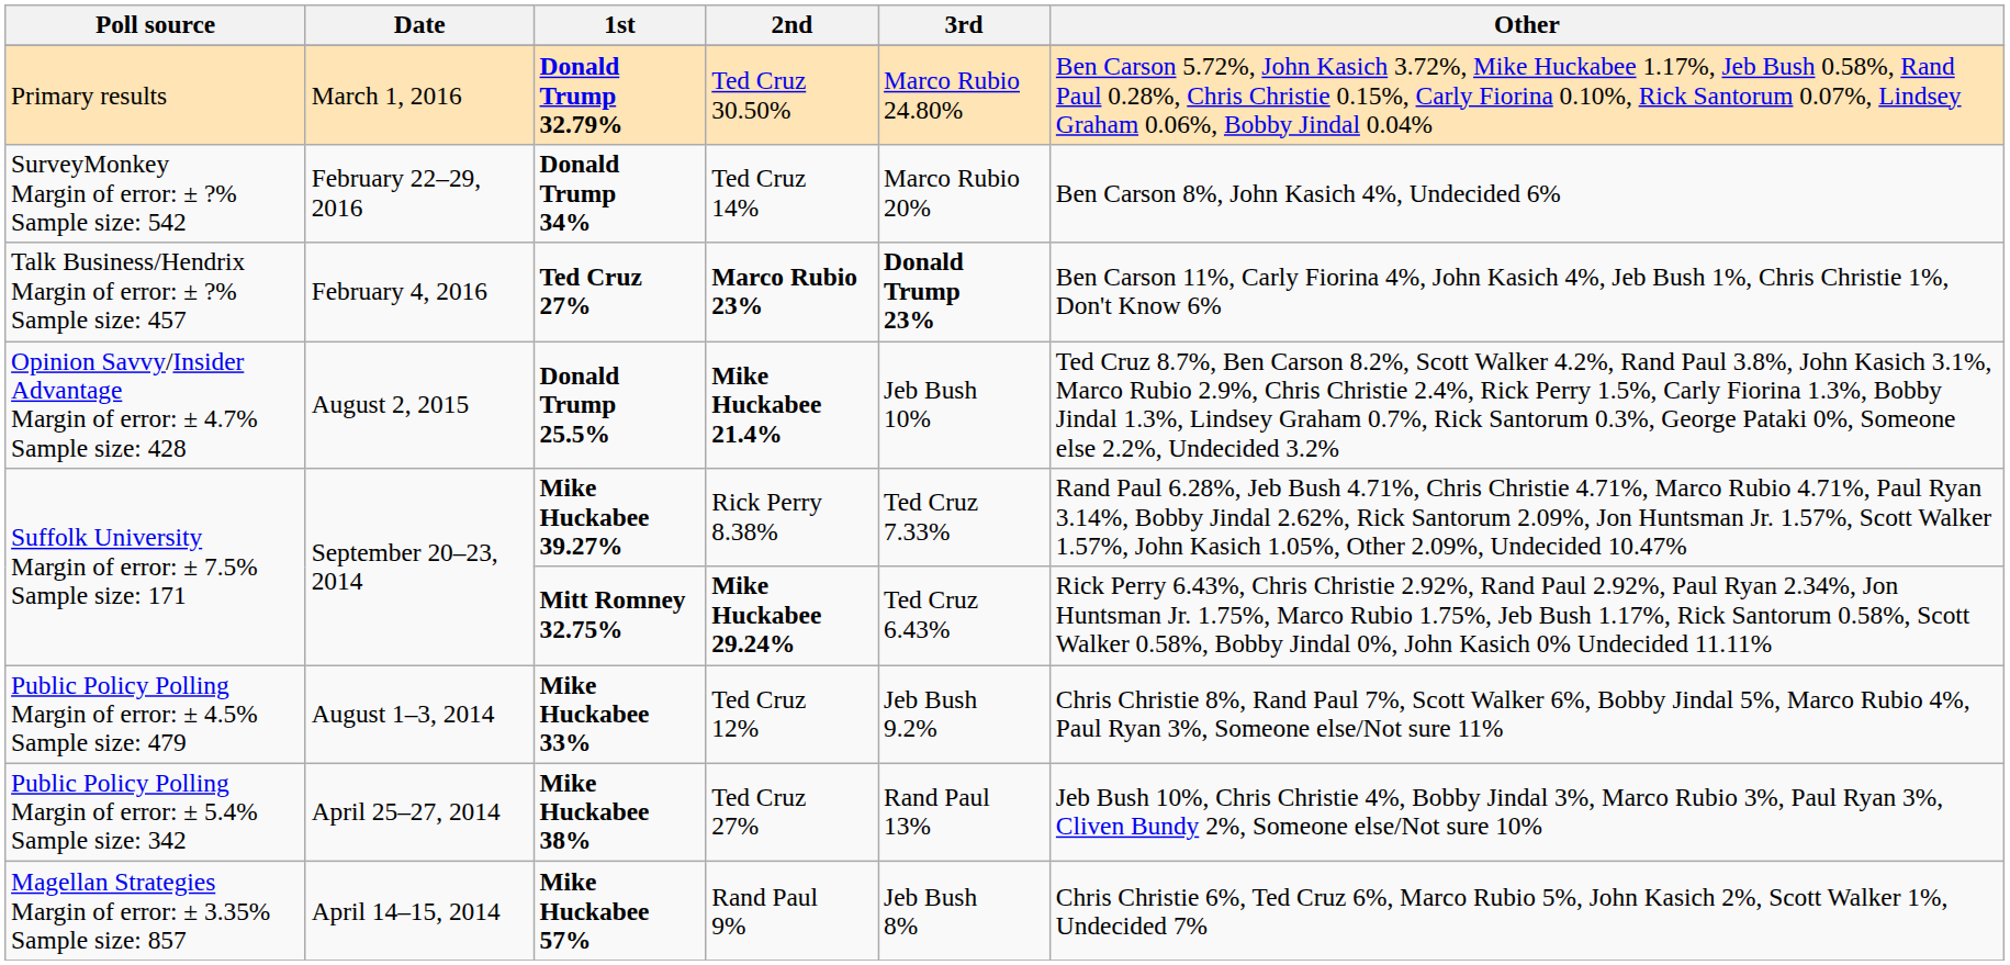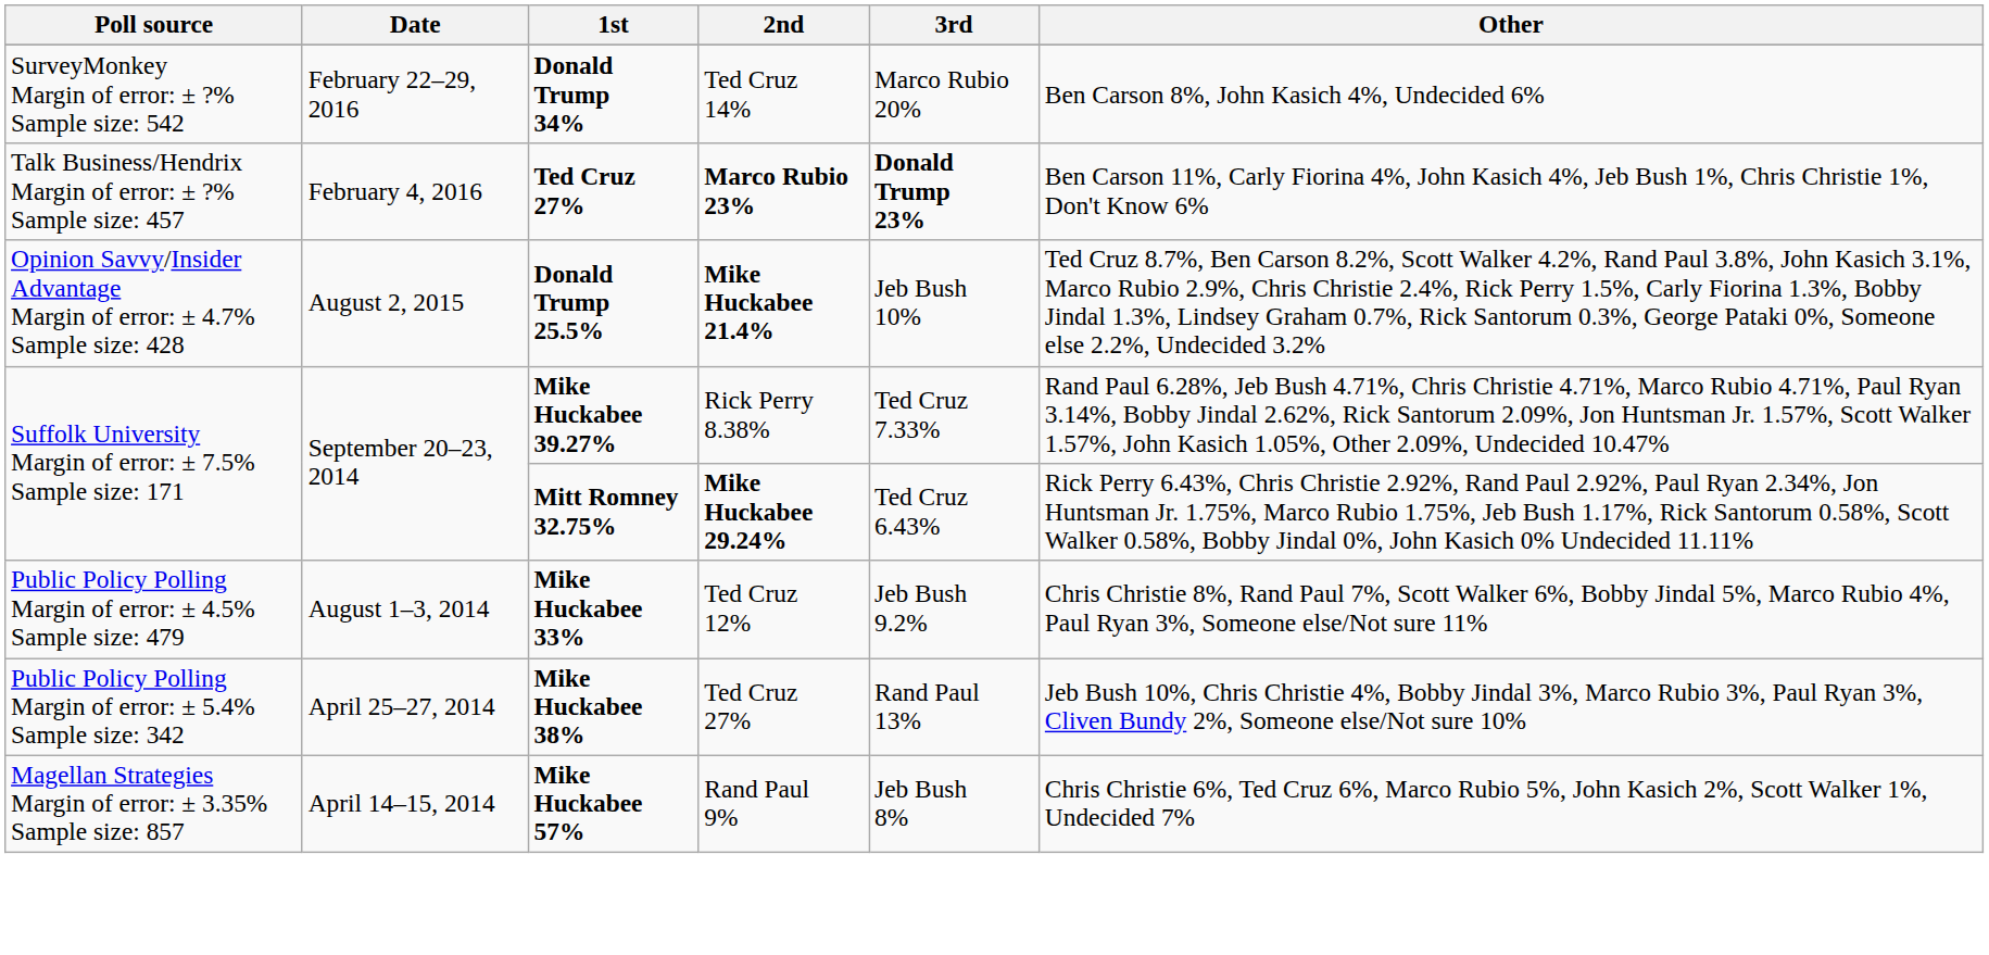 <table class="wikitable">
 <tr>
 <th style="width:180px;">Poll source</th>
 <th style="width:135px;">Date</th>
 <th style="width:100px;">1st</th>
 <th style="width:100px;">2nd</th>
 <th style="width:100px;">3rd</th>
 <th>Other</th>
 </tr>
 <tr>
-</tr>
-<tr style="background:Moccasin;">
-<td>Primary results</td>
-<td>March 1, 2016</td>
-<td><strong><a href='#'>Donald Trump</a><br>32.79%</strong></td>
-<td><a href='#'>Ted Cruz</a><br>30.50%</td>
-<td><a href='#'>Marco Rubio</a><br>24.80%</td>
-<td><a href='#'>Ben Carson</a> 5.72%, <a href='#'>John Kasich</a> 3.72%, <a href='#'>Mike Huckabee</a> 1.17%, <a href='#'>Jeb Bush</a> 0.58%, <a href='#'>Rand Paul</a> 0.28%, <a href='#'>Chris Christie</a> 0.15%, <a href='#'>Carly Fiorina</a> 0.10%, <a href='#'>Rick Santorum</a> 0.07%, <a href='#'>Lindsey Graham</a> 0.06%, <a href='#'>Bobby Jindal</a> 0.04%</td>
 </tr>
 <tr>
 <td>SurveyMonkey<br>Margin of error: ± ?% Sample size: 542</td>
 <td>February 22–29, 2016</td>
 <td><strong>Donald Trump<br>34%</strong></td>
 <td>Ted Cruz<br>14%</td>
 <td>Marco Rubio<br>20%</td>
 <td>Ben Carson 8%, John Kasich 4%, Undecided 6%</td>
 </tr>
 <tr>
 <td>Talk Business/Hendrix<br>Margin of error: ± ?% Sample size: 457</td>
 <td>February 4, 2016</td>
 <td><strong>Ted Cruz<br>27%</strong></td>
 <td><strong> Marco Rubio<br>23%</strong></td>
 <td><strong>Donald Trump<br>23%</strong></td>
 <td>Ben Carson 11%, Carly Fiorina 4%, John Kasich 4%, Jeb Bush 1%, Chris Christie 1%, Don't Know 6%</td>
 </tr>
 <tr>
 <td><a href='#'>Opinion Savvy</a>/<a href='#'>Insider Advantage</a><br>Margin of error: ± 4.7% <br>Sample size: 428</td>
 <td>August 2, 2015</td>
 <td><strong>Donald Trump<br>25.5%</strong></td>
 <td><strong>Mike Huckabee<br>21.4%</strong></td>
 <td>Jeb Bush<br>10%</td>
 <td>Ted Cruz 8.7%, Ben Carson 8.2%, Scott Walker 4.2%, Rand Paul 3.8%, John Kasich 3.1%, Marco Rubio 2.9%, Chris Christie 2.4%, Rick Perry 1.5%, Carly Fiorina 1.3%, Bobby Jindal 1.3%, Lindsey Graham 0.7%, Rick Santorum 0.3%, George Pataki 0%, Someone else 2.2%, Undecided 3.2%</td>
 </tr>
 <tr>
 <td rowspan=2><a href='#'>Suffolk University</a><br>Margin of error: ± 7.5% <br>Sample size: 171</td>
 <td rowspan=2>September 20–23, 2014</td>
 <td><strong>Mike Huckabee<br>39.27%</strong></td>
 <td>Rick Perry<br>8.38%</td>
 <td>Ted Cruz<br>7.33%</td>
 <td>Rand Paul 6.28%, Jeb Bush 4.71%, Chris Christie 4.71%, Marco Rubio 4.71%, Paul Ryan 3.14%, Bobby Jindal 2.62%, Rick Santorum 2.09%, Jon Huntsman Jr. 1.57%, Scott Walker 1.57%, John Kasich 1.05%, Other 2.09%, Undecided 10.47%</td>
 </tr>
 <tr>
 <td><strong>Mitt Romney<br>32.75%</strong></td>
 <td><strong>Mike Huckabee<br>29.24%</strong></td>
 <td>Ted Cruz<br>6.43%</td>
 <td>Rick Perry 6.43%, Chris Christie 2.92%, Rand Paul 2.92%, Paul Ryan 2.34%, Jon Huntsman Jr. 1.75%, Marco Rubio 1.75%, Jeb Bush 1.17%, Rick Santorum 0.58%, Scott Walker 0.58%, Bobby Jindal 0%, John Kasich 0% Undecided 11.11%</td>
 </tr>
 <tr>
 <td><a href='#'>Public Policy Polling</a><br>Margin of error: ± 4.5% <br>Sample size: 479</td>
 <td>August 1–3, 2014</td>
 <td><strong>Mike Huckabee<br>33%</strong></td>
 <td>Ted Cruz<br>12%</td>
 <td>Jeb Bush<br>9.2%</td>
 <td>Chris Christie 8%, Rand Paul 7%, Scott Walker 6%, Bobby Jindal 5%, Marco Rubio 4%, Paul Ryan 3%, Someone else/Not sure 11%</td>
 </tr>
 <tr>
 <td><a href='#'>Public Policy Polling</a><br>Margin of error: ± 5.4% <br>Sample size: 342</td>
 <td>April 25–27, 2014</td>
 <td><strong>Mike Huckabee<br>38%</strong></td>
 <td>Ted Cruz<br>27%</td>
 <td>Rand Paul<br>13%</td>
 <td>Jeb Bush 10%, Chris Christie 4%, Bobby Jindal 3%, Marco Rubio 3%, Paul Ryan 3%, <a href='#'>Cliven Bundy</a> 2%, Someone else/Not sure 10%</td>
 </tr>
 <tr>
 <td><a href='#'>Magellan Strategies</a><br>Margin of error: ± 3.35% <br>Sample size: 857</td>
 <td>April 14–15, 2014</td>
 <td><strong>Mike Huckabee<br>57%</strong></td>
 <td>Rand Paul<br>9%</td>
 <td>Jeb Bush<br>8%</td>
 <td>Chris Christie 6%, Ted Cruz 6%, Marco Rubio 5%, John Kasich 2%, Scott Walker 1%, Undecided 7%</td>
 </tr>
 </table>
